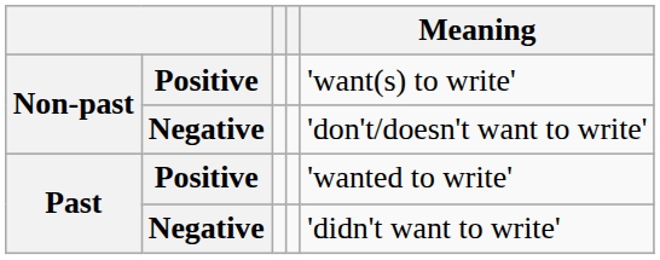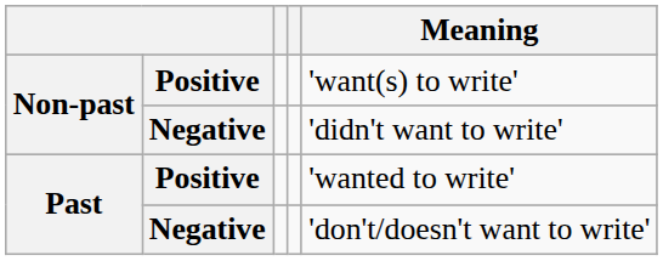 <table class="wikitable">
 <tr>
 <th colspan=2></th>
 <th></th>
 <th></th>
 <th>Meaning</th>
 </tr>
 <tr>
 <th rowspan=2>Non-past</th>
 <th>Positive</th>
 <td></td>
 <td></td>
 <td>'want(s) to write'</td>
 </tr>
 <tr>
 <th>Negative</th>
 <td></td>
 <td></td>
-<td>'don't/doesn't want to write'</td>
+<td>'didn't want to write'</td>
 </tr>
 <tr>
 <th rowspan=2>Past</th>
 <th>Positive</th>
 <td></td>
 <td></td>
 <td>'wanted to write'</td>
 </tr>
 <tr>
 <th>Negative</th>
 <td></td>
 <td></td>
-<td>'didn't want to write'</td>
+<td>'don't/doesn't want to write'</td>
 </tr>
 </table>
